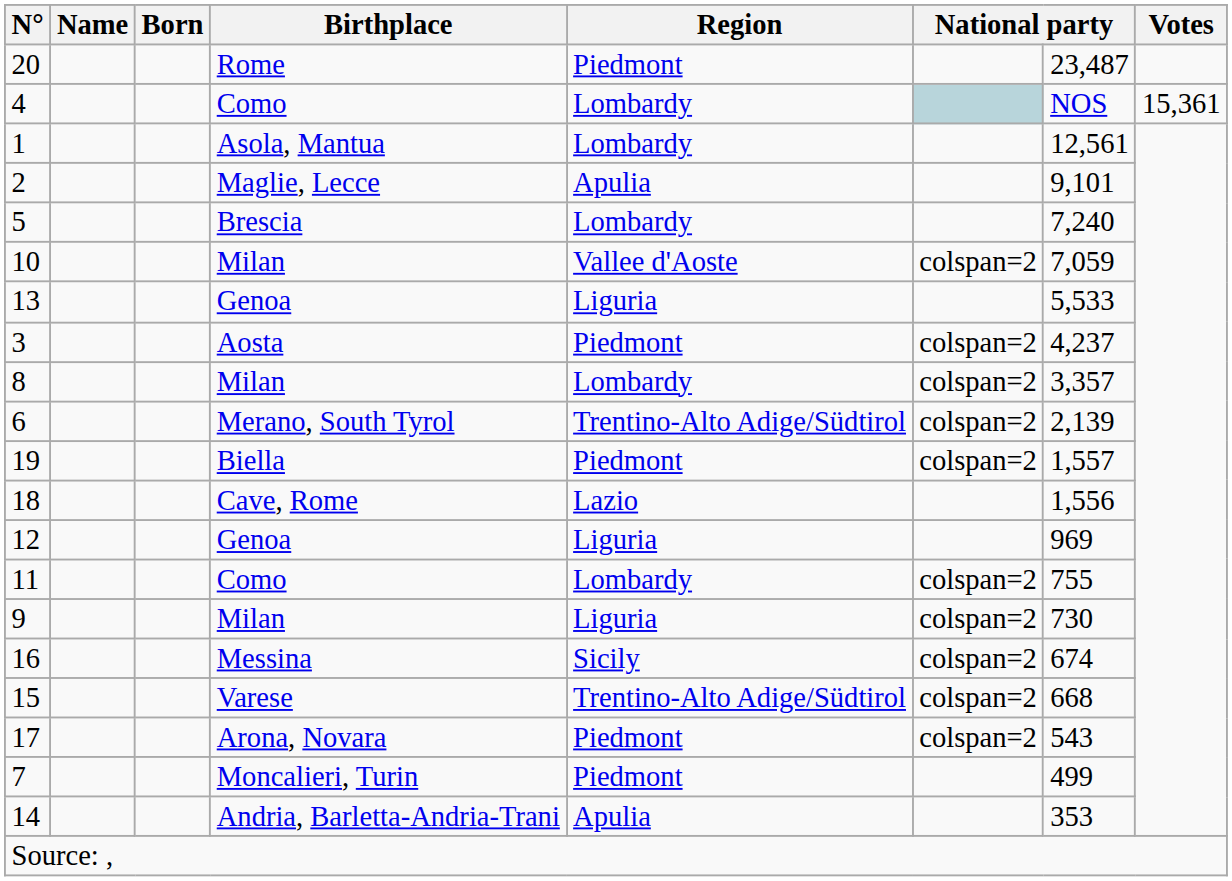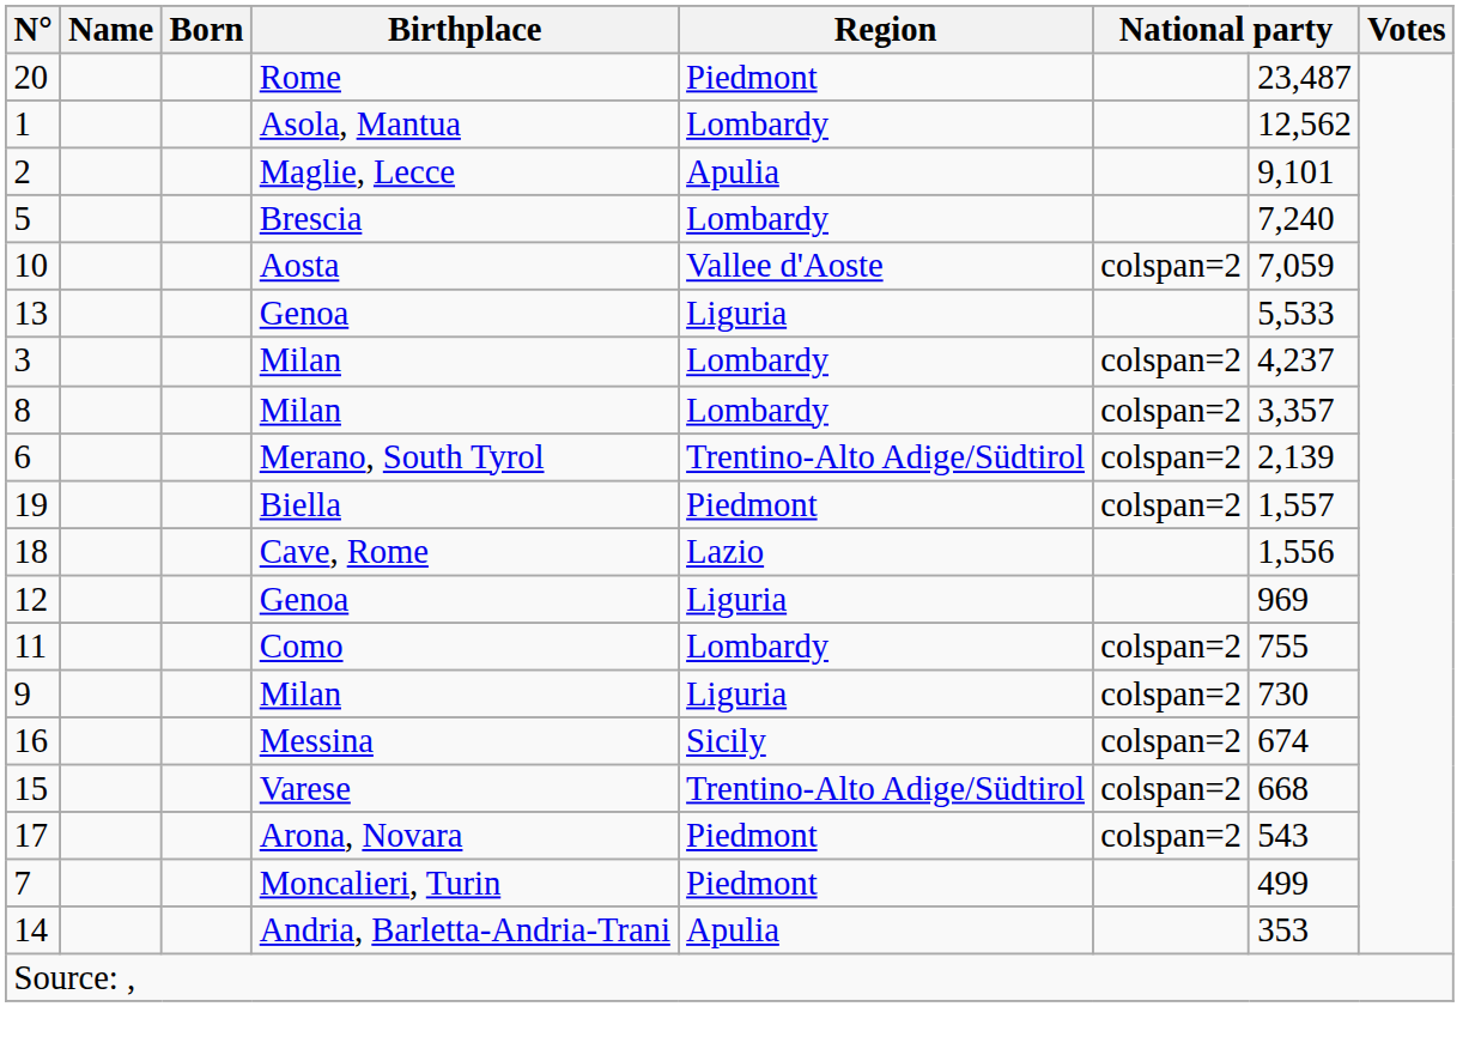 <table class="wikitable sortable" style="font-size:95%;line-height:14px;">
 <tr>
 <th>N°</th>
 <th>Name</th>
 <th>Born</th>
 <th>Birthplace</th>
 <th>Region</th>
 <th colspan="2">National party</th>
 <th>Votes</th>
 </tr>
 <tr>
 <td>20</td>
 <td></td>
 <td></td>
 <td><a href='#'>Rome</a></td>
 <td><a href='#'>Piedmont</a></td>
 <td></td>
 <td>23,487</td>
 </tr>
 <tr>
-<td>4</td>
-<td></td>
-<td></td>
-<td><a href='#'>Como</a></td>
-<td><a href='#'>Lombardy</a></td>
-<td style="background:#B8D5DB;"></td>
-<td><a href='#'>NOS</a></td>
-<td>15,361</td>
-</tr>
-<tr>
 <td>1</td>
 <td></td>
 <td></td>
 <td><a href='#'>Asola</a>, <a href='#'>Mantua</a></td>
 <td><a href='#'>Lombardy</a></td>
 <td></td>
-<td>12,561</td>
+<td>12,562</td>
 </tr>
 <tr>
 <td>2</td>
 <td></td>
 <td></td>
 <td><a href='#'>Maglie</a>, <a href='#'>Lecce</a></td>
 <td><a href='#'>Apulia</a></td>
 <td></td>
 <td>9,101</td>
 </tr>
 <tr>
 <td>5</td>
 <td></td>
 <td></td>
 <td><a href='#'>Brescia</a></td>
 <td><a href='#'>Lombardy</a></td>
 <td></td>
 <td>7,240</td>
 </tr>
 <tr>
 <td>10</td>
 <td></td>
 <td></td>
-<td><a href='#'>Milan</a></td>
+<td><a href='#'>Aosta</a></td>
 <td><a href='#'>Vallee d'Aoste</a></td>
 <td>colspan=2 </td>
 <td>7,059</td>
 </tr>
 <tr>
 <td>13</td>
 <td></td>
 <td></td>
 <td><a href='#'>Genoa</a></td>
 <td><a href='#'>Liguria</a></td>
 <td></td>
 <td>5,533</td>
 </tr>
 <tr>
 <td>3</td>
 <td></td>
 <td></td>
-<td><a href='#'>Aosta</a></td>
-<td><a href='#'>Piedmont</a></td>
+<td><a href='#'>Milan</a></td>
+<td><a href='#'>Lombardy</a></td>
 <td>colspan=2 </td>
 <td>4,237</td>
 </tr>
 <tr>
 <td>8</td>
 <td></td>
 <td></td>
 <td><a href='#'>Milan</a></td>
 <td><a href='#'>Lombardy</a></td>
 <td>colspan=2 </td>
 <td>3,357</td>
 </tr>
 <tr>
 <td>6</td>
 <td></td>
 <td></td>
 <td><a href='#'>Merano</a>, <a href='#'>South Tyrol</a></td>
 <td><a href='#'>Trentino-Alto Adige/Südtirol</a></td>
 <td>colspan=2 </td>
 <td>2,139</td>
 </tr>
 <tr>
 <td>19</td>
 <td></td>
 <td></td>
 <td><a href='#'>Biella</a></td>
 <td><a href='#'>Piedmont</a></td>
 <td>colspan=2 </td>
 <td>1,557</td>
 </tr>
 <tr>
 <td>18</td>
 <td></td>
 <td></td>
 <td><a href='#'>Cave</a>, <a href='#'>Rome</a></td>
 <td><a href='#'>Lazio</a></td>
 <td></td>
 <td>1,556</td>
 </tr>
 <tr>
 <td>12</td>
 <td></td>
 <td></td>
 <td><a href='#'>Genoa</a></td>
 <td><a href='#'>Liguria</a></td>
 <td></td>
 <td>969</td>
 </tr>
 <tr>
 <td>11</td>
 <td></td>
 <td></td>
 <td><a href='#'>Como</a></td>
 <td><a href='#'>Lombardy</a></td>
 <td>colspan=2 </td>
 <td>755</td>
 </tr>
 <tr>
 <td>9</td>
 <td></td>
 <td></td>
 <td><a href='#'>Milan</a></td>
 <td><a href='#'>Liguria</a></td>
 <td>colspan=2 </td>
 <td>730</td>
 </tr>
 <tr>
 <td>16</td>
 <td></td>
 <td></td>
 <td><a href='#'>Messina</a></td>
 <td><a href='#'>Sicily</a></td>
 <td>colspan=2 </td>
 <td>674</td>
 </tr>
 <tr>
 <td>15</td>
 <td></td>
 <td></td>
 <td><a href='#'>Varese</a></td>
 <td><a href='#'>Trentino-Alto Adige/Südtirol</a></td>
 <td>colspan=2 </td>
 <td>668</td>
 </tr>
 <tr>
 <td>17</td>
 <td></td>
 <td></td>
 <td><a href='#'>Arona</a>, <a href='#'>Novara</a></td>
 <td><a href='#'>Piedmont</a></td>
 <td>colspan=2 </td>
 <td>543</td>
 </tr>
 <tr>
 <td>7</td>
 <td></td>
 <td></td>
 <td><a href='#'>Moncalieri</a>, <a href='#'>Turin</a></td>
 <td><a href='#'>Piedmont</a></td>
 <td></td>
 <td>499</td>
 </tr>
 <tr>
 <td>14</td>
 <td></td>
 <td></td>
 <td><a href='#'>Andria</a>, <a href='#'>Barletta-Andria-Trani</a></td>
 <td><a href='#'>Apulia</a></td>
 <td></td>
 <td>353</td>
 </tr>
 <tr>
 <td colspan="8">Source: , </td>
 </tr>
 </table>
